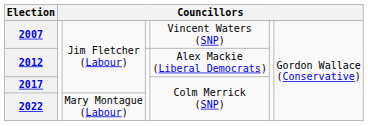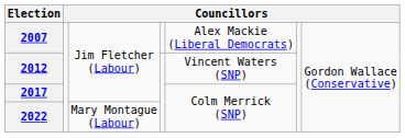 <table class="wikitable" style="text-align:center">
 <tr>
 <th>Election</th>
 <th colspan=8>Councillors</th>
 </tr>
 <tr>
 <th><a href='#'>2007</a></th>
 <td rowspan=4; style="background-color: "></td>
 <td rowspan=3>Jim Fletcher<br>(<a href='#'>Labour</a>)</td>
 <td rowspan=1; style="background-color: "></td>
-<td rowspan=1>Vincent Waters<br>(<a href='#'>SNP</a>)</td>
+<td rowspan=1>Alex Mackie<br>(<a href='#'>Liberal Democrats</a>)</td>
 <td rowspan=4; style="background-color: "></td>
 <td rowspan=4>Gordon Wallace<br>(<a href='#'>Conservative</a>)</td>
 </tr>
 <tr>
 <th><a href='#'>2012</a></th>
 <td rowspan=3; style="background-color: "></td>
-<td rowspan=1>Alex Mackie<br>(<a href='#'>Liberal Democrats</a>)</td>
+<td rowspan=1>Vincent Waters<br>(<a href='#'>SNP</a>)</td>
 </tr>
 <tr>
 <th><a href='#'>2017</a></th>
 <td rowspan=2>Colm Merrick<br>(<a href='#'>SNP</a>)</td>
 </tr>
 <tr>
 <th><a href='#'>2022</a></th>
 <td rowspan=3>Mary Montague<br>(<a href='#'>Labour</a>)</td>
 </tr>
 </table>
